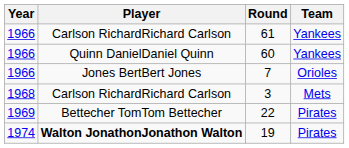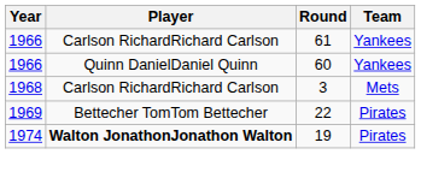 <table class="wikitable sortable">
 <tr>
 <th>Year</th>
 <th>Player</th>
 <th>Round</th>
 <th>Team</th>
 </tr>
 <tr valign="center">
 <td align="center"><a href='#'>1966</a></td>
 <td align="center"><span>Carlson Richard</span>Richard Carlson</td>
 <td align="center">61</td>
 <td align="center"><a href='#'>Yankees</a></td>
 </tr>
 <tr valign="center">
 <td align="center"><a href='#'>1966</a></td>
 <td align="center"><span>Quinn Daniel</span>Daniel Quinn</td>
 <td align="center">60</td>
 <td align="center"><a href='#'>Yankees</a></td>
 </tr>
 <tr valign="center">
-<td align="center"><a href='#'>1966</a></td>
-<td align="center"><span>Jones Bert</span>Bert Jones</td>
-<td align="center">7</td>
-<td align="center"><a href='#'>Orioles</a></td>
-</tr>
-<tr valign="center">
 <td align="center"><a href='#'>1968</a></td>
 <td align="center"><span>Carlson Richard</span>Richard Carlson</td>
 <td align="center">3</td>
 <td align="center"><a href='#'>Mets</a></td>
 </tr>
 <tr valign="center">
 <td align="center"><a href='#'>1969</a></td>
 <td align="center"><span>Bettecher Tom</span>Tom Bettecher</td>
 <td align="center">22</td>
 <td align="center"><a href='#'>Pirates</a></td>
 </tr>
 <tr valign="center">
 <td align="center"><a href='#'>1974</a></td>
 <td align="center"><strong><span>Walton Jonathon</span>Jonathon Walton</strong></td>
 <td align="center">19</td>
 <td align="center"><a href='#'>Pirates</a></td>
 </tr>
 </table>
